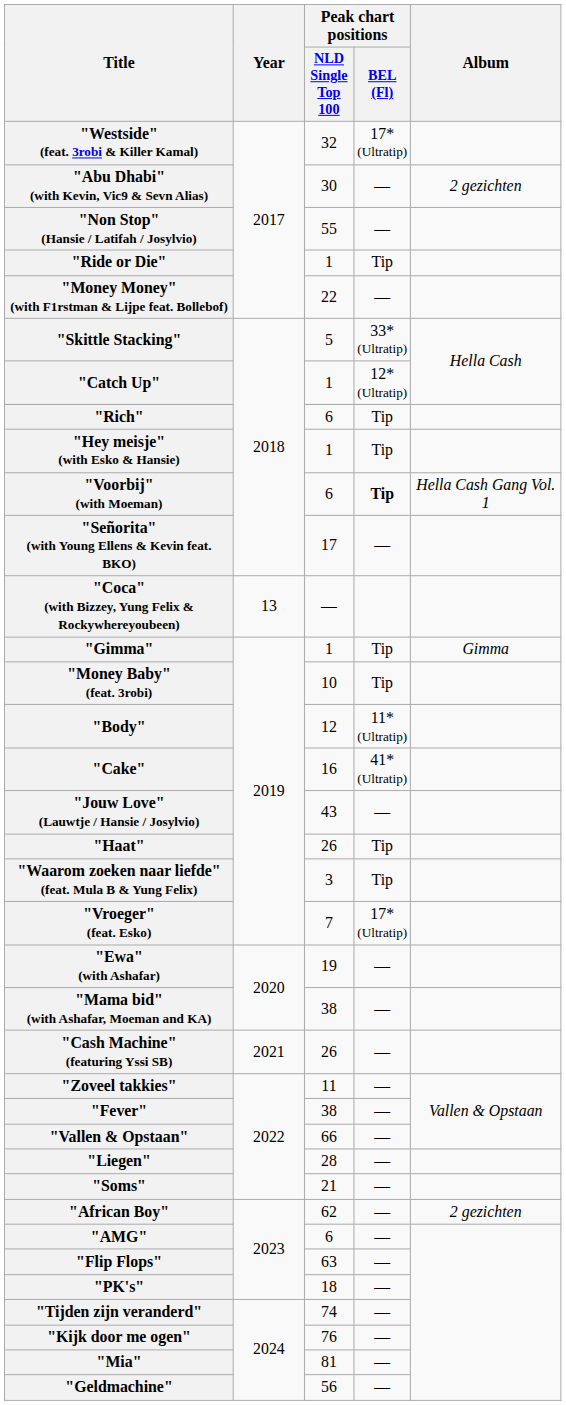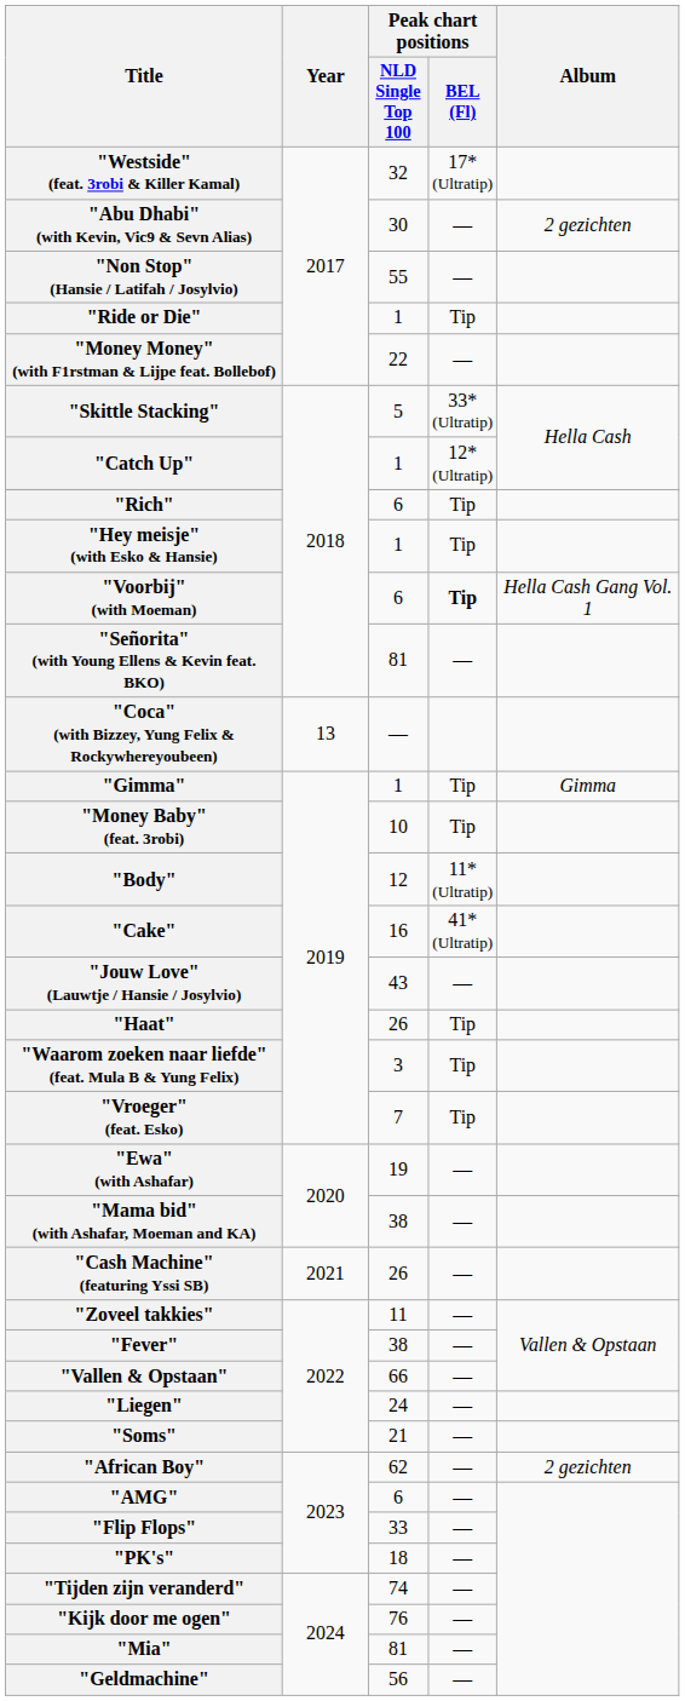 <table class="wikitable plainrowheaders" style="text-align:center;">
 <tr>
 <th scope="col" rowspan="2" style="width:14em;">Title</th>
 <th scope="col" rowspan="2" style="width:4em;">Year</th>
 <th scope="col" colspan="2">Peak chart positions</th>
 <th scope="col" rowspan="2" style="width:9em;">Album</th>
 </tr>
 <tr>
 <th scope="col" style="width:3em;font-size:90%;"><a href='#'>NLD <br>Single <br>Top 100</a><br></th>
 <th scope="col" style="width:3em;font-size:90%;"><a href='#'>BEL<br>(Fl)</a><br></th>
 </tr>
 <tr>
 <th scope="row">"Westside"<br><small>(feat. <a href='#'>3robi</a> & Killer Kamal)</small></th>
 <td rowspan=5>2017</td>
 <td>32</td>
 <td>17*<br><small>(Ultratip)</small></td>
 <td></td>
 </tr>
 <tr>
 <th scope="row">"Abu Dhabi"<br><small>(with Kevin, Vic9 & Sevn Alias)</small></th>
 <td>30</td>
 <td>—</td>
 <td><em>2 gezichten</em></td>
 </tr>
 <tr>
 <th scope="row">"Non Stop"<br><small>(Hansie / Latifah / Josylvio)</small></th>
 <td>55</td>
 <td>—</td>
 <td></td>
 </tr>
 <tr>
 <th scope="row">"Ride or Die"</th>
 <td>1</td>
 <td>Tip</td>
 <td></td>
 </tr>
 <tr>
 <th scope="row">"Money Money"<br><small>(with F1rstman & Lijpe feat. Bollebof)</small></th>
 <td>22</td>
 <td>—</td>
 <td></td>
 </tr>
 <tr>
 <th scope="row">"Skittle Stacking"</th>
 <td rowspan=7>2018</td>
 <td>5</td>
 <td>33*<br><small>(Ultratip)</small></td>
 <td rowspan=3><em>Hella Cash</em></td>
 </tr>
 <tr>
 <th scope="row">"Catch Up"</th>
 <td>1</td>
 <td>12*<br><small>(Ultratip)</small></td>
 </tr>
 <tr>
 </tr>
 <tr>
 <th scope="row">"Rich"</th>
 <td>6</td>
 <td>Tip</td>
 </tr>
 <tr>
 <th scope="row">"Hey meisje"<br><small>(with Esko & Hansie)</small></th>
 <td>1</td>
 <td>Tip</td>
 <td></td>
 </tr>
 <tr>
 <th scope="row">"Voorbij"<br><small>(with Moeman)</small></th>
 <td>6</td>
 <td><strong>Tip</strong></td>
 <td><em>Hella Cash Gang Vol. 1</em></td>
 </tr>
 <tr>
 <th scope="row">"Señorita"<br><small>(with Young Ellens & Kevin feat. BKO)</small></th>
-<td>17</td>
+<td>81</td>
 <td>—</td>
 <td></td>
 </tr>
 <tr>
 <th scope="row">"Coca"<br><small>(with Bizzey, Yung Felix & Rockywhereyoubeen)</small></th>
 <td>13</td>
 <td>—</td>
 <td></td>
 </tr>
 <tr>
 <th scope="row">"Gimma"</th>
 <td rowspan=8>2019</td>
 <td>1</td>
 <td>Tip</td>
 <td><em>Gimma</em></td>
 </tr>
 <tr>
 <th scope="row">"Money Baby"<br><small>(feat. 3robi)</small></th>
 <td>10</td>
 <td>Tip</td>
 <td></td>
 </tr>
 <tr>
 <th scope="row">"Body"</th>
 <td>12</td>
 <td>11*<br><small>(Ultratip)</small></td>
 <td></td>
 </tr>
 <tr>
 <th scope="row">"Cake"</th>
 <td>16</td>
 <td>41*<br><small>(Ultratip)</small></td>
 <td></td>
 </tr>
 <tr>
 <th scope="row">"Jouw Love"<br><small>(Lauwtje / Hansie / Josylvio)</small></th>
 <td>43</td>
 <td>—</td>
 <td></td>
 </tr>
 <tr>
 <th scope="row">"Haat"</th>
 <td>26</td>
 <td>Tip</td>
 <td></td>
 </tr>
 <tr>
 <th scope="row">"Waarom zoeken naar liefde"<br><small>(feat. Mula B & Yung Felix)</small></th>
 <td>3</td>
 <td>Tip</td>
 <td></td>
 </tr>
 <tr>
 <th scope="row">"Vroeger"<br><small>(feat. Esko)</small></th>
 <td>7</td>
-<td>17*<br><small>(Ultratip)</small></td>
+<td>Tip</td>
 <td></td>
 </tr>
 <tr>
 <th scope="row">"Ewa"<br><small>(with Ashafar)</small></th>
 <td rowspan="2">2020</td>
 <td>19</td>
 <td>—</td>
 <td></td>
 </tr>
 <tr>
 <th scope="row">"Mama bid"<br><small>(with Ashafar, Moeman and KA)</small></th>
 <td>38</td>
 <td>—</td>
 <td></td>
 </tr>
 <tr>
 <th scope="row">"Cash Machine"<br><small>(featuring Yssi SB)</small></th>
 <td>2021</td>
 <td>26</td>
 <td>—</td>
 <td></td>
 </tr>
 <tr>
 <th scope="row">"Zoveel takkies"</th>
 <td rowspan="5">2022</td>
 <td>11</td>
 <td>—</td>
 <td rowspan="3"><em>Vallen & Opstaan</em></td>
 </tr>
 <tr>
 <th scope="row">"Fever"</th>
 <td>38</td>
 <td>—</td>
 </tr>
 <tr>
 <th scope="row">"Vallen & Opstaan"</th>
 <td>66</td>
 <td>—</td>
 </tr>
 <tr>
 <th scope="row">"Liegen"<br></th>
-<td>28</td>
+<td>24</td>
 <td>—</td>
 <td></td>
 </tr>
 <tr>
 <th scope="row">"Soms"<br></th>
 <td>21</td>
 <td>—</td>
 <td></td>
 </tr>
 <tr>
 <th scope="row">"African Boy"<br></th>
 <td rowspan="4">2023</td>
 <td>62</td>
 <td>—</td>
 <td><em>2 gezichten</em></td>
 </tr>
 <tr>
 <th scope="row">"AMG"<br></th>
 <td>6</td>
 <td>—</td>
 </tr>
 <tr>
 <th scope="row">"Flip Flops"</th>
-<td>63</td>
+<td>33</td>
 <td>—</td>
 </tr>
 <tr>
 <th scope="row">"PK's"<br></th>
 <td>18</td>
 <td>—</td>
 </tr>
 <tr>
 <th scope="row">"Tijden zijn veranderd"</th>
 <td rowspan="4">2024</td>
 <td>74</td>
 <td>—</td>
 </tr>
 <tr>
 <th scope="row">"Kijk door me ogen"</th>
 <td>76</td>
 <td>—</td>
 </tr>
 <tr>
 <th scope="row">"Mia"<br></th>
 <td>81</td>
 <td>—</td>
 </tr>
 <tr>
 <th scope="row">"Geldmachine"<br></th>
 <td>56</td>
 <td>—</td>
 </tr>
 </table>
